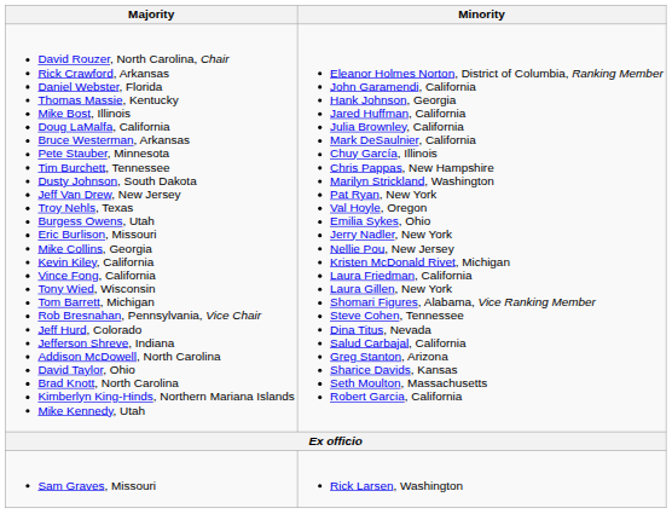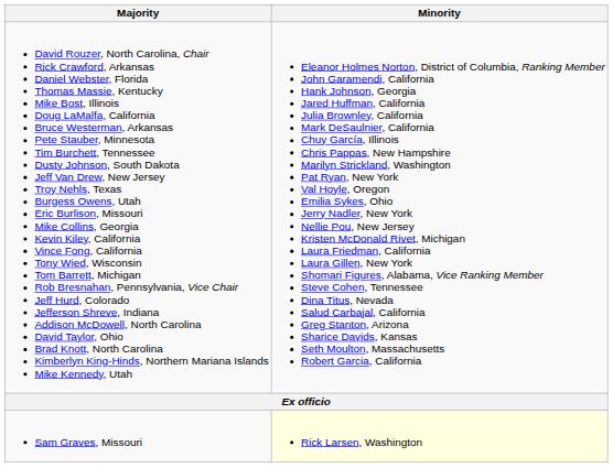 <table class=wikitable>
 <tr>
 <th>Majority</th>
 <th>Minority</th>
 </tr>
 <tr>
 <td><br><ul><li><a href='#'>David Rouzer</a>, North Carolina, <em>Chair</em></li><li><a href='#'>Rick Crawford</a>, Arkansas</li><li><a href='#'>Daniel Webster</a>, Florida</li><li><a href='#'>Thomas Massie</a>, Kentucky</li><li><a href='#'>Mike Bost</a>, Illinois</li><li><a href='#'>Doug LaMalfa</a>, California</li><li><a href='#'>Bruce Westerman</a>, Arkansas</li><li><a href='#'>Pete Stauber</a>, Minnesota</li><li><a href='#'>Tim Burchett</a>, Tennessee</li><li><a href='#'>Dusty Johnson</a>, South Dakota</li><li><a href='#'>Jeff Van Drew</a>, New Jersey</li><li><a href='#'>Troy Nehls</a>, Texas</li><li><a href='#'>Burgess Owens</a>, Utah</li><li><a href='#'>Eric Burlison</a>, Missouri</li><li><a href='#'>Mike Collins</a>, Georgia</li><li><a href='#'>Kevin Kiley</a>, California</li><li><a href='#'>Vince Fong</a>, California</li><li><a href='#'>Tony Wied</a>, Wisconsin</li><li><a href='#'>Tom Barrett</a>, Michigan</li><li><a href='#'>Rob Bresnahan</a>, Pennsylvania, <em>Vice Chair</em></li><li><a href='#'>Jeff Hurd</a>, Colorado</li><li><a href='#'>Jefferson Shreve</a>, Indiana</li><li><a href='#'>Addison McDowell</a>, North Carolina</li><li><a href='#'>David Taylor</a>, Ohio</li><li><a href='#'>Brad Knott</a>, North Carolina</li><li><a href='#'>Kimberlyn King-Hinds</a>, Northern Mariana Islands</li><li><a href='#'>Mike Kennedy</a>, Utah</li></ul></td>
 <td><br><ul><li><a href='#'>Eleanor Holmes Norton</a>, District of Columbia, <em>Ranking Member</em></li><li><a href='#'>John Garamendi</a>, California</li><li><a href='#'>Hank Johnson</a>, Georgia</li><li><a href='#'>Jared Huffman</a>, California</li><li><a href='#'>Julia Brownley</a>, California</li><li><a href='#'>Mark DeSaulnier</a>, California</li><li><a href='#'>Chuy García</a>, Illinois</li><li><a href='#'>Chris Pappas</a>, New Hampshire</li><li><a href='#'>Marilyn Strickland</a>, Washington</li><li><a href='#'>Pat Ryan</a>, New York</li><li><a href='#'>Val Hoyle</a>, Oregon</li><li><a href='#'>Emilia Sykes</a>, Ohio</li><li><a href='#'>Jerry Nadler</a>, New York</li><li><a href='#'>Nellie Pou</a>, New Jersey</li><li><a href='#'>Kristen McDonald Rivet</a>, Michigan</li><li><a href='#'>Laura Friedman</a>, California</li><li><a href='#'>Laura Gillen</a>, New York</li><li><a href='#'>Shomari Figures</a>, Alabama, <em>Vice Ranking Member</em></li><li><a href='#'>Steve Cohen</a>, Tennessee</li><li><a href='#'>Dina Titus</a>, Nevada</li><li><a href='#'>Salud Carbajal</a>, California</li><li><a href='#'>Greg Stanton</a>, Arizona</li><li><a href='#'>Sharice Davids</a>, Kansas</li><li><a href='#'>Seth Moulton</a>, Massachusetts</li><li><a href='#'>Robert Garcia</a>, California</li></ul></td>
 </tr>
 <tr>
 <th colspan=2><em>Ex officio</em></th>
 </tr>
 <tr>
 <td><br><ul><li><a href='#'>Sam Graves</a>, Missouri</li></ul></td>
-<td><br><ul><li><a href='#'>Rick Larsen</a>, Washington</li></ul></td>
+<td style="background: lightyellow;"><br><ul><li><a href='#'>Rick Larsen</a>, Washington</li></ul></td>
 </tr>
 </table>
